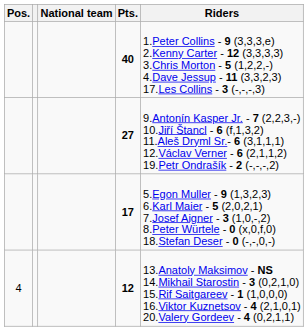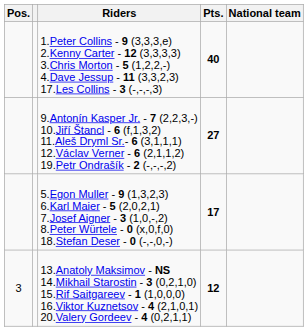 <table class=wikitable style="font-size:93%;">
 <tr>
 <th>Pos.</th>
 <th></th>
+<th>Riders</th>
+<th>Pts.</th>
 <th>National team</th>
-<th>Pts.</th>
-<th>Riders</th>
 </tr>
 <tr align=center >
 <td></td>
 <td></td>
+<td align=left><br>1.<a href='#'>Peter Collins</a> - <strong>9</strong> (3,3,3,e) <br> 2.<a href='#'>Kenny Carter</a> - <strong>12</strong> (3,3,3,3) <br> 3.<a href='#'>Chris Morton</a> - <strong>5</strong> (1,2,2,-) <br> 4.<a href='#'>Dave Jessup</a> - <strong>11</strong> (3,3,2,3) <br> 17.<a href='#'>Les Collins</a> - <strong>3</strong> (-,-,-,3) <br></td>
+<td><strong>40</strong></td>
 <td align=left></td>
-<td><strong>40</strong></td>
-<td align=left><br>1.<a href='#'>Peter Collins</a> - <strong>9</strong> (3,3,3,e) <br> 2.<a href='#'>Kenny Carter</a> - <strong>12</strong> (3,3,3,3) <br> 3.<a href='#'>Chris Morton</a> - <strong>5</strong> (1,2,2,-) <br> 4.<a href='#'>Dave Jessup</a> - <strong>11</strong> (3,3,2,3) <br> 17.<a href='#'>Les Collins</a> - <strong>3</strong> (-,-,-,3) <br></td>
 </tr>
 <tr align=center >
 <td></td>
 <td></td>
+<td align=left><br>9.<a href='#'>Antonín Kasper Jr.</a> - <strong>7</strong> (2,2,3,-) <br> 10.<a href='#'>Jiří Štancl</a> - <strong>6</strong> (f,1,3,2) <br> 11.<a href='#'>Aleš Dryml Sr.</a>- <strong>6</strong> (3,1,1,1) <br> 12.<a href='#'>Václav Verner</a> - <strong>6</strong> (2,1,1,2) <br> 19.<a href='#'>Petr Ondrašík</a> - <strong>2</strong> (-,-,-,2) <br></td>
+<td><strong>27</strong></td>
 <td align=left></td>
-<td><strong>27</strong></td>
-<td align=left><br>9.<a href='#'>Antonín Kasper Jr.</a> - <strong>7</strong> (2,2,3,-) <br> 10.<a href='#'>Jiří Štancl</a> - <strong>6</strong> (f,1,3,2) <br> 11.<a href='#'>Aleš Dryml Sr.</a>- <strong>6</strong> (3,1,1,1) <br> 12.<a href='#'>Václav Verner</a> - <strong>6</strong> (2,1,1,2) <br> 19.<a href='#'>Petr Ondrašík</a> - <strong>2</strong> (-,-,-,2) <br></td>
 </tr>
 <tr align=center >
 <td></td>
 <td></td>
+<td align=left><br>5.<a href='#'>Egon Muller</a> - <strong>9</strong> (1,3,2,3) <br> 6.<a href='#'>Karl Maier</a> - <strong>5</strong> (2,0,2,1) <br> 7.<a href='#'>Josef Aigner</a> - <strong>3</strong> (1,0,-,2) <br> 8.<a href='#'>Peter Würtele</a> - <strong>0</strong> (x,0,f,0) <br> 18.<a href='#'>Stefan Deser</a> - <strong>0</strong> (-,-,0,-) <br></td>
+<td><strong>17</strong></td>
 <td align=left></td>
-<td><strong>17</strong></td>
-<td align=left><br>5.<a href='#'>Egon Muller</a> - <strong>9</strong> (1,3,2,3) <br> 6.<a href='#'>Karl Maier</a> - <strong>5</strong> (2,0,2,1) <br> 7.<a href='#'>Josef Aigner</a> - <strong>3</strong> (1,0,-,2) <br> 8.<a href='#'>Peter Würtele</a> - <strong>0</strong> (x,0,f,0) <br> 18.<a href='#'>Stefan Deser</a> - <strong>0</strong> (-,-,0,-) <br></td>
 </tr>
 <tr align=center>
-<td>4</td>
+<td>3</td>
 <td></td>
+<td align=left><br>13.<a href='#'>Anatoly Maksimov</a> - <strong>NS</strong> <br> 14.<a href='#'>Mikhail Starostin</a> - <strong>3</strong> (0,2,1,0) <br> 15.<a href='#'>Rif Saitgareev</a> - <strong>1</strong> (1,0,0,0) <br> 16.<a href='#'>Viktor Kuznetsov</a> - <strong>4</strong> (2,1,0,1) <br> 20.<a href='#'>Valery Gordeev</a> - <strong>4</strong> (0,2,1,1) <br></td>
+<td><strong>12</strong></td>
 <td align=left></td>
-<td><strong>12</strong></td>
-<td align=left><br>13.<a href='#'>Anatoly Maksimov</a> - <strong>NS</strong> <br> 14.<a href='#'>Mikhail Starostin</a> - <strong>3</strong> (0,2,1,0) <br> 15.<a href='#'>Rif Saitgareev</a> - <strong>1</strong> (1,0,0,0) <br> 16.<a href='#'>Viktor Kuznetsov</a> - <strong>4</strong> (2,1,0,1) <br> 20.<a href='#'>Valery Gordeev</a> - <strong>4</strong> (0,2,1,1) <br></td>
 </tr>
 </table>
